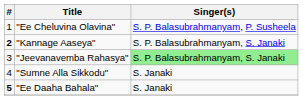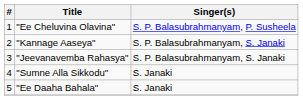 <table class="wikitable" style="font-size:95%;">
 <tr>
 <th>#</th>
 <th>Title</th>
 <th>Singer(s)</th>
 </tr>
 <tr>
 <td>1</td>
 <td>"Ee Cheluvina Olavina"</td>
 <td><a href='#'>S. P. Balasubrahmanyam</a>, <a href='#'>P. Susheela</a></td>
 </tr>
 <tr>
-<td><strong>2</strong></td>
+<td>2</td>
 <td>"Kannage Aaseya"</td>
 <td>S. P. Balasubrahmanyam, <a href='#'>S. Janaki</a></td>
 </tr>
 <tr>
 <td>3</td>
 <td>"Jeevanavemba Rahasya"</td>
-<td style="background: lightgreen;">S. P. Balasubrahmanyam, S. Janaki</td>
+<td>S. P. Balasubrahmanyam, S. Janaki</td>
 </tr>
 <tr>
 <td>4</td>
 <td>"Sumne Alla Sikkodu"</td>
 <td>S. Janaki</td>
 </tr>
 <tr>
-<td><strong>5</strong></td>
+<td>5</td>
 <td>"Ee Daaha Bahala"</td>
 <td>S. Janaki</td>
 </tr>
 <tr>
 </tr>
 </table>
